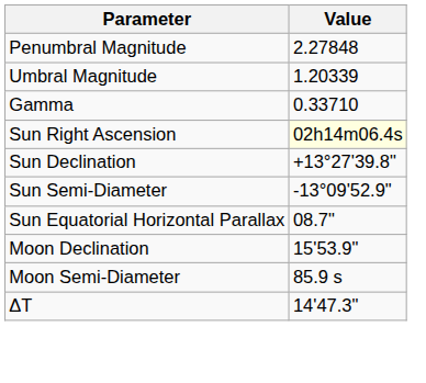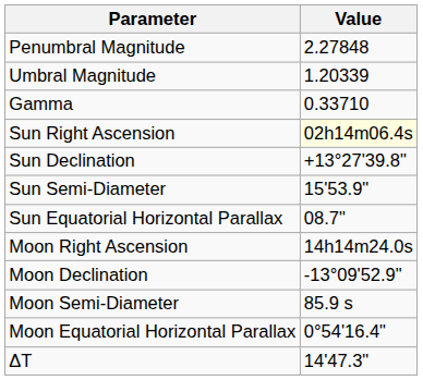 <table class="wikitable">
 <tr>
 <th>Parameter</th>
 <th>Value</th>
 </tr>
 <tr>
 <td>Penumbral Magnitude</td>
 <td>2.27848</td>
 </tr>
 <tr>
 <td>Umbral Magnitude</td>
 <td>1.20339</td>
 </tr>
 <tr>
 <td>Gamma</td>
 <td>0.33710</td>
 </tr>
 <tr>
 <td>Sun Right Ascension</td>
 <td style="background: lightyellow;">02h14m06.4s</td>
 </tr>
 <tr>
 <td>Sun Declination</td>
 <td>+13°27'39.8"</td>
 </tr>
 <tr>
 <td>Sun Semi-Diameter</td>
-<td>-13°09'52.9"</td>
+<td>15'53.9"</td>
 </tr>
 <tr>
 <td>Sun Equatorial Horizontal Parallax</td>
 <td>08.7"</td>
 </tr>
 <tr>
+<td>Moon Right Ascension</td>
+<td>14h14m24.0s</td>
+</tr>
+<tr>
 <td>Moon Declination</td>
-<td>15'53.9"</td>
+<td>-13°09'52.9"</td>
 </tr>
 <tr>
 <td>Moon Semi-Diameter</td>
 <td>85.9 s</td>
 </tr>
 <tr>
+<td>Moon Equatorial Horizontal Parallax</td>
+<td>0°54'16.4"</td>
+</tr>
+<tr>
 <td>ΔT</td>
 <td>14'47.3"</td>
 </tr>
 </table>
